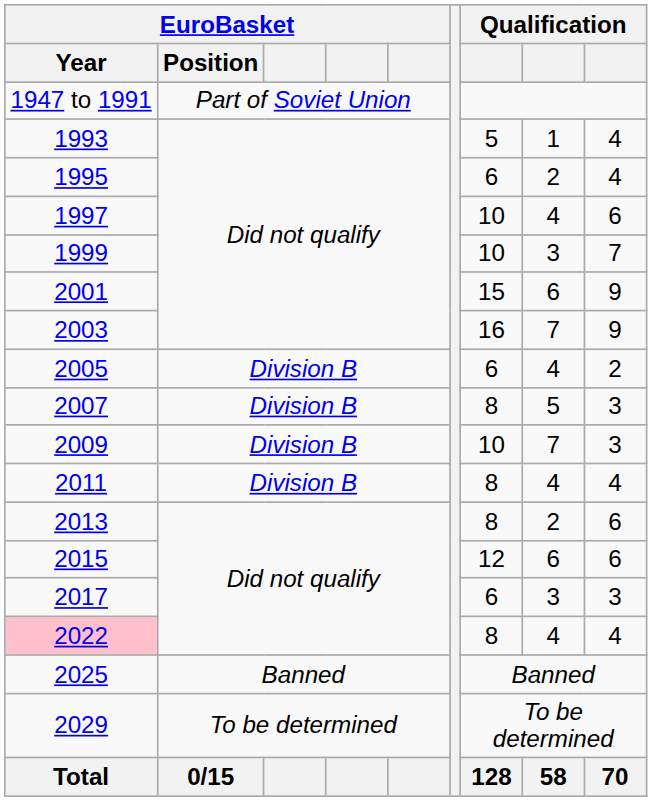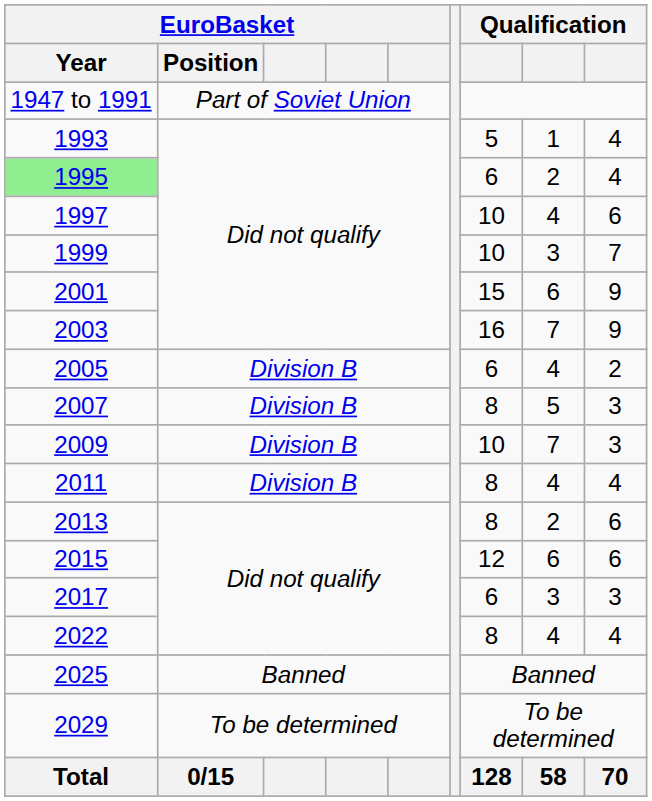 <table class="wikitable" style="text-align: center;font-size:90%;">
 <tr>
 <th colspan=5><a href='#'>EuroBasket</a></th>
 <th rowspan=20></th>
 <th colspan=3>Qualification</th>
 </tr>
 <tr>
 <th>Year</th>
 <th>Position</th>
 <th width=30></th>
 <th width=30></th>
 <th width=30></th>
 <th width=30></th>
 <th width=30></th>
 <th width=30></th>
 </tr>
 <tr>
 <td><a href='#'>1947</a> to <a href='#'>1991</a></td>
 <td colspan=4><em>Part of <a href='#'>Soviet Union</a></em></td>
 </tr>
 <tr>
 <td> <a href='#'>1993</a></td>
 <td colspan=4 rowspan=6><em>Did not qualify</em></td>
 <td>5</td>
 <td>1</td>
 <td>4</td>
 </tr>
 <tr>
-<td> <a href='#'>1995</a></td>
+<td style="background: lightgreen;"> <a href='#'>1995</a></td>
 <td>6</td>
 <td>2</td>
 <td>4</td>
 </tr>
 <tr>
 <td> <a href='#'>1997</a></td>
 <td>10</td>
 <td>4</td>
 <td>6</td>
 </tr>
 <tr>
 <td> <a href='#'>1999</a></td>
 <td>10</td>
 <td>3</td>
 <td>7</td>
 </tr>
 <tr>
 <td> <a href='#'>2001</a></td>
 <td>15</td>
 <td>6</td>
 <td>9</td>
 </tr>
 <tr>
 <td> <a href='#'>2003</a></td>
 <td>16</td>
 <td>7</td>
 <td>9</td>
 </tr>
 <tr>
 <td> <a href='#'>2005</a></td>
 <td colspan=4><em><a href='#'>Division B</a></em></td>
 <td>6</td>
 <td>4</td>
 <td>2</td>
 </tr>
 <tr>
 <td> <a href='#'>2007</a></td>
 <td colspan=4><em><a href='#'>Division B</a></em></td>
 <td>8</td>
 <td>5</td>
 <td>3</td>
 </tr>
 <tr>
 <td> <a href='#'>2009</a></td>
 <td colspan=4><em><a href='#'>Division B</a></em></td>
 <td>10</td>
 <td>7</td>
 <td>3</td>
 </tr>
 <tr>
 <td> <a href='#'>2011</a></td>
 <td colspan=4><em><a href='#'>Division B</a></em></td>
 <td>8</td>
 <td>4</td>
 <td>4</td>
 </tr>
 <tr>
 <td> <a href='#'>2013</a></td>
 <td colspan=4 rowspan=4><em>Did not qualify</em></td>
 <td>8</td>
 <td>2</td>
 <td>6</td>
 </tr>
 <tr>
 <td> <a href='#'>2015</a></td>
 <td>12</td>
 <td>6</td>
 <td>6</td>
 </tr>
 <tr>
 <td> <a href='#'>2017</a></td>
 <td>6</td>
 <td>3</td>
 <td>3</td>
 </tr>
 <tr>
-<td style="background: pink;"> <a href='#'>2022</a></td>
+<td> <a href='#'>2022</a></td>
 <td>8</td>
 <td>4</td>
 <td>4</td>
 </tr>
 <tr>
 <td> <a href='#'>2025</a></td>
 <td colspan=4><em>Banned</em></td>
 <td colspan=3><em>Banned</em></td>
 </tr>
 <tr>
 <td> <a href='#'>2029</a></td>
 <td colspan=4><em>To be determined</em></td>
 <td colspan=3><em>To be determined</em></td>
 </tr>
 <tr>
 <th>Total</th>
 <th>0/15</th>
 <th></th>
 <th></th>
 <th></th>
 <th>128</th>
 <th>58</th>
 <th>70</th>
 </tr>
 </table>
